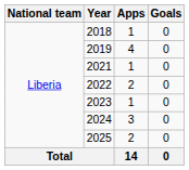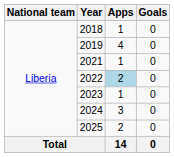 <table class="wikitable" style="text-align:center">
 <tr>
 <th>National team</th>
 <th>Year</th>
 <th>Apps</th>
 <th>Goals</th>
 </tr>
 <tr>
 <td rowspan="7"><a href='#'>Liberia</a></td>
 <td>2018</td>
 <td>1</td>
 <td>0</td>
 </tr>
 <tr>
 <td>2019</td>
 <td>4</td>
 <td>0</td>
 </tr>
 <tr>
 <td>2021</td>
 <td>1</td>
 <td>0</td>
 </tr>
 <tr>
 <td>2022</td>
-<td>2</td>
+<td style="background: lightblue;">2</td>
 <td>0</td>
 </tr>
 <tr>
 <td>2023</td>
 <td>1</td>
 <td>0</td>
 </tr>
 <tr>
 <td>2024</td>
 <td>3</td>
 <td>0</td>
 </tr>
 <tr>
 <td>2025</td>
 <td>2</td>
 <td>0</td>
 </tr>
 <tr>
 <th colspan="2">Total</th>
 <th>14</th>
 <th>0</th>
 </tr>
 </table>
